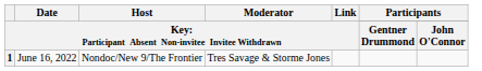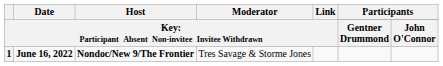 <table class="wikitable" style="text-align:center;">
 <tr>
 <th scope="col"></th>
 <th scope="col">Date</th>
 <th scope="col">Host</th>
 <th scope="col">Moderator</th>
 <th scope="col">Link</th>
 <th colspan="2" scope="col">Participants</th>
 </tr>
 <tr>
 <th colspan="5" rowspan="2">Key:<br> <small>Participant </small>  <small>Absent </small>  <small>Non-invitee </small>  <small>Invitee  Withdrawn</small></th>
 </tr>
 <tr>
 <th scope="col">Gentner<br>Drummond</th>
 <th scope="col">John<br>O'Connor</th>
 </tr>
 <tr>
 <th scope="row">1</th>
-<td style="white-space:nowrap;">June 16, 2022</td>
-<td style="white-space:nowrap;">Nondoc/New 9/The Frontier</td>
+<td style="white-space:nowrap;"><strong>June 16, 2022</strong></td>
+<td style="white-space:nowrap;"><strong>Nondoc/New 9/The Frontier</strong></td>
 <td style="white-space:nowrap;">Tres Savage & Storme Jones</td>
 <td style="white-space:nowrap;"></td>
 <td></td>
 <td></td>
 </tr>
 </table>
